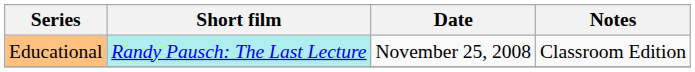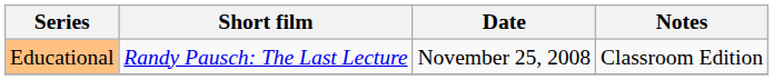 <table class="wikitable sortable">
 <tr>
 <th>Series</th>
 <th>Short film</th>
 <th>Date</th>
 <th>Notes</th>
 </tr>
 <tr>
 <td bgcolor="#ffc080">Educational</td>
-<td style="background: paleturquoise;"><em><a href='#'>Randy Pausch: The Last Lecture</a></em></td>
+<td><em><a href='#'>Randy Pausch: The Last Lecture</a></em></td>
 <td>November 25, 2008</td>
 <td>Classroom Edition</td>
 </tr>
 <tr>
 </tr>
 </table>
